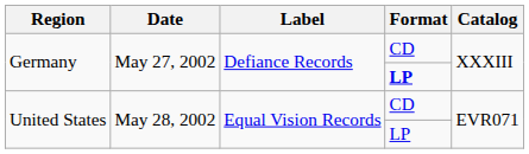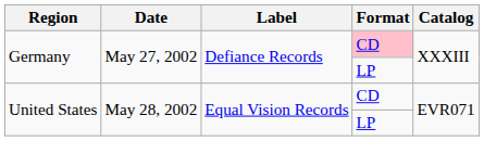 <table class="wikitable" summary="A Young Trophy Band in the Parlance of Our Times has been released several times since 2002 across a variety of media and markets">
 <tr>
 <th scope="col">Region</th>
 <th scope="col">Date</th>
 <th scope="col">Label</th>
 <th scope="col">Format</th>
 <th scope="col">Catalog</th>
 </tr>
 <tr>
 <td rowspan="2">Germany</td>
 <td rowspan="2">May 27, 2002</td>
 <td rowspan="2"><a href='#'>Defiance Records</a></td>
-<td><a href='#'>CD</a></td>
+<td style="background: pink;"><a href='#'>CD</a></td>
 <td rowspan="2">XXXIII</td>
 </tr>
 <tr>
-<td><strong><a href='#'>LP</a></strong></td>
+<td><a href='#'>LP</a></td>
 </tr>
 <tr>
 <td rowspan="2">United States</td>
 <td rowspan="2">May 28, 2002</td>
 <td rowspan="2"><a href='#'>Equal Vision Records</a></td>
 <td><a href='#'>CD</a></td>
 <td rowspan="2">EVR071</td>
 </tr>
 <tr>
 <td><a href='#'>LP</a></td>
 </tr>
 </table>
